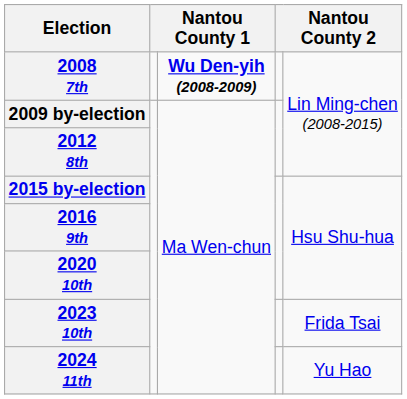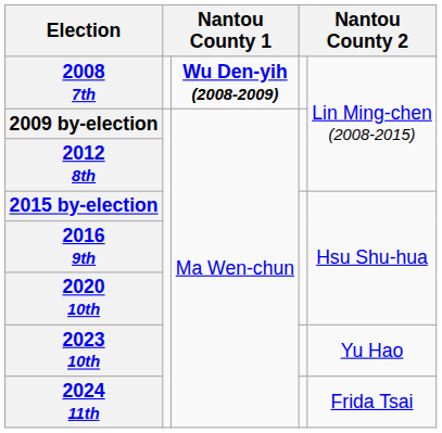 <table class="wikitable" align="center" style="text-align:center">
 <tr>
 <th>Election</th>
 <th colspan=2 width="80px">Nantou County 1</th>
 <th colspan=2 width="80px">Nantou County 2</th>
 </tr>
 <tr>
 <th><a href='#'>2008</a><br><small><em><a href='#'>7th</a></em></small><br></th>
 <td style="color:inherit;background:"></td>
 <td><strong><a href='#'>Wu Den-yih</a><br><small><em>(2008-2009)</em></small><br></strong></td>
 <td style="color:inherit;background:"></td>
 <td rowspan=3><a href='#'>Lin Ming-chen</a><br><small><em>(2008-2015)</em></small></td>
 </tr>
 <tr>
 <th>2009 by-election</th>
 <td rowspan="7" style="color:inherit;background:"></td>
 <td rowspan="7"><a href='#'>Ma Wen-chun</a></td>
 </tr>
 <tr>
 <th><a href='#'>2012</a><br><small><em><a href='#'>8th</a></em></small><br></th>
 </tr>
 <tr>
 <th><a href='#'>2015 by-election</a></th>
 <td rowspan="3" style="color:inherit;background:"></td>
 <td rowspan="3"><a href='#'>Hsu Shu-hua</a></td>
 </tr>
 <tr>
 <th><a href='#'>2016</a><br><small><em><a href='#'>9th</a></em></small><br></th>
 </tr>
 <tr>
 <th><a href='#'>2020</a><br><small><em><a href='#'>10th</a></em></small><br></th>
 </tr>
 <tr>
 <th><a href='#'>2023</a><br><small><em><a href='#'>10th</a></em></small><br></th>
 <td style="color:inherit;background:"></td>
-<td><a href='#'>Frida Tsai</a></td>
+<td><a href='#'>Yu Hao</a></td>
 </tr>
 <tr>
 <th><a href='#'>2024</a><br><small><em><a href='#'>11th</a></em></small><br></th>
 <td style="color:inherit;background:"></td>
-<td><a href='#'>Yu Hao</a></td>
+<td><a href='#'>Frida Tsai</a></td>
 </tr>
 </table>
